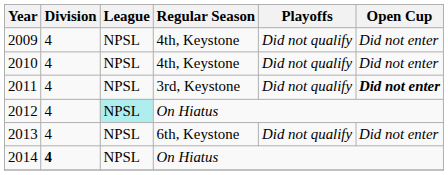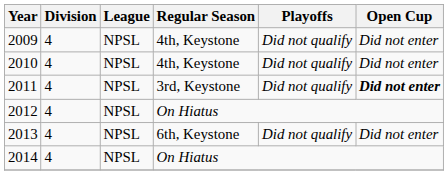 <table class="wikitable">
 <tr>
 <th>Year</th>
 <th>Division</th>
 <th>League</th>
 <th>Regular Season</th>
 <th>Playoffs</th>
 <th>Open Cup</th>
 </tr>
 <tr>
 <td>2009</td>
 <td>4</td>
 <td>NPSL</td>
 <td>4th, Keystone</td>
 <td><em>Did not qualify</em></td>
 <td><em>Did not enter</em></td>
 </tr>
 <tr>
 <td>2010</td>
 <td>4</td>
 <td>NPSL</td>
 <td>4th, Keystone</td>
 <td><em>Did not qualify</em></td>
 <td><em>Did not enter</em></td>
 </tr>
 <tr>
 <td>2011</td>
 <td>4</td>
 <td>NPSL</td>
 <td>3rd, Keystone</td>
 <td><em>Did not qualify</em></td>
 <td><strong><em>Did not enter</em></strong></td>
 </tr>
 <tr>
 <td>2012</td>
 <td>4</td>
-<td style="background: paleturquoise;">NPSL</td>
+<td>NPSL</td>
 <td colspan="3"><em>On Hiatus</em></td>
 </tr>
 <tr>
 <td>2013</td>
 <td>4</td>
 <td>NPSL</td>
 <td>6th, Keystone</td>
 <td><em>Did not qualify</em></td>
 <td><em>Did not enter</em></td>
 </tr>
 <tr>
 <td>2014</td>
-<td><strong>4</strong></td>
+<td>4</td>
 <td>NPSL</td>
 <td colspan="3"><em>On Hiatus</em></td>
 </tr>
 <tr>
 </tr>
 </table>
